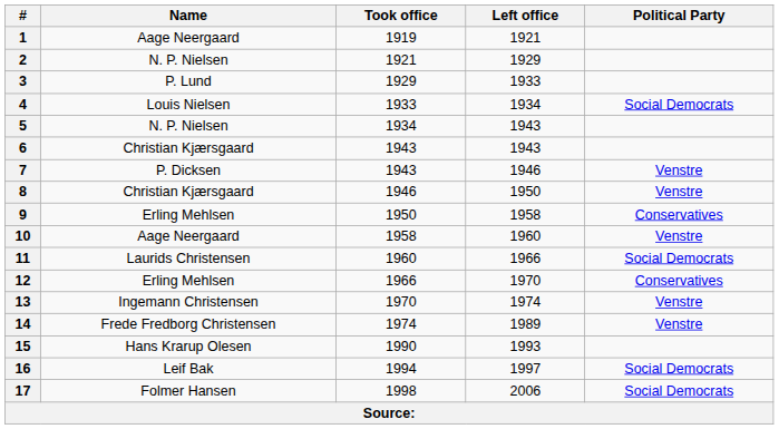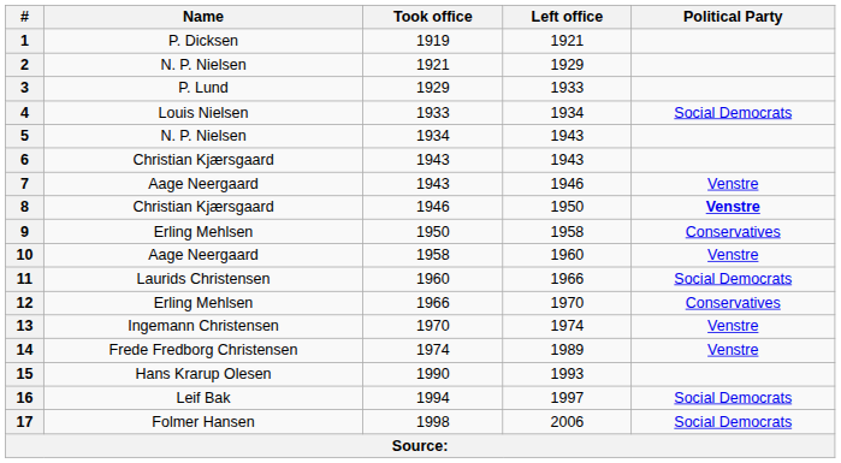 <table class="wikitable" width="70%" style="text-align:center;">
 <tr>
 <th>#</th>
 <th>Name</th>
 <th>Took office</th>
 <th>Left office</th>
 <th>Political Party</th>
 </tr>
 <tr>
 <th>1</th>
-<td>Aage Neergaard</td>
+<td>P. Dicksen</td>
 <td>1919</td>
 <td>1921</td>
 <td></td>
 </tr>
 <tr>
 <th>2</th>
 <td>N. P. Nielsen</td>
 <td>1921</td>
 <td>1929</td>
 <td></td>
 </tr>
 <tr>
 <th>3</th>
 <td>P. Lund</td>
 <td>1929</td>
 <td>1933</td>
 <td></td>
 </tr>
 <tr>
 <th style="background:">4</th>
 <td>Louis Nielsen</td>
 <td>1933</td>
 <td>1934</td>
 <td><a href='#'>Social Democrats</a></td>
 </tr>
 <tr>
 <th>5</th>
 <td>N. P. Nielsen</td>
 <td>1934</td>
 <td>1943</td>
 <td></td>
 </tr>
 <tr>
 <th>6</th>
 <td>Christian Kjærsgaard</td>
 <td>1943</td>
 <td>1943</td>
 <td></td>
 </tr>
 <tr>
 <th style="background:">7</th>
-<td>P. Dicksen</td>
+<td>Aage Neergaard</td>
 <td>1943</td>
 <td>1946</td>
 <td><a href='#'>Venstre</a></td>
 </tr>
 <tr>
 <th style="background:">8</th>
 <td>Christian Kjærsgaard</td>
 <td>1946</td>
 <td>1950</td>
-<td><a href='#'>Venstre</a></td>
+<td><strong><a href='#'>Venstre</a></strong></td>
 </tr>
 <tr>
 <th style="background:">9</th>
 <td>Erling Mehlsen</td>
 <td>1950</td>
 <td>1958</td>
 <td><a href='#'>Conservatives</a></td>
 </tr>
 <tr>
 <th style="background:">10</th>
 <td>Aage Neergaard</td>
 <td>1958</td>
 <td>1960</td>
 <td><a href='#'>Venstre</a></td>
 </tr>
 <tr>
 <th style="background:">11</th>
 <td>Laurids Christensen</td>
 <td>1960</td>
 <td>1966</td>
 <td><a href='#'>Social Democrats</a></td>
 </tr>
 <tr>
 <th style="background:">12</th>
 <td>Erling Mehlsen</td>
 <td>1966</td>
 <td>1970</td>
 <td><a href='#'>Conservatives</a></td>
 </tr>
 <tr>
 <th style="background:">13</th>
 <td>Ingemann Christensen</td>
 <td>1970</td>
 <td>1974</td>
 <td><a href='#'>Venstre</a></td>
 </tr>
 <tr>
 <th style="background:">14</th>
 <td>Frede Fredborg Christensen</td>
 <td>1974</td>
 <td>1989</td>
 <td><a href='#'>Venstre</a></td>
 </tr>
 <tr>
 <th>15</th>
 <td>Hans Krarup Olesen</td>
 <td>1990</td>
 <td>1993</td>
 <td></td>
 </tr>
 <tr>
 <th style="background:">16</th>
 <td>Leif Bak</td>
 <td>1994</td>
 <td>1997</td>
 <td><a href='#'>Social Democrats</a></td>
 </tr>
 <tr>
 <th style="background:">17</th>
 <td>Folmer Hansen</td>
 <td>1998</td>
 <td>2006</td>
 <td><a href='#'>Social Democrats</a></td>
 </tr>
 <tr>
 <th colspan=5 align=left>Source:</th>
 </tr>
 </table>
